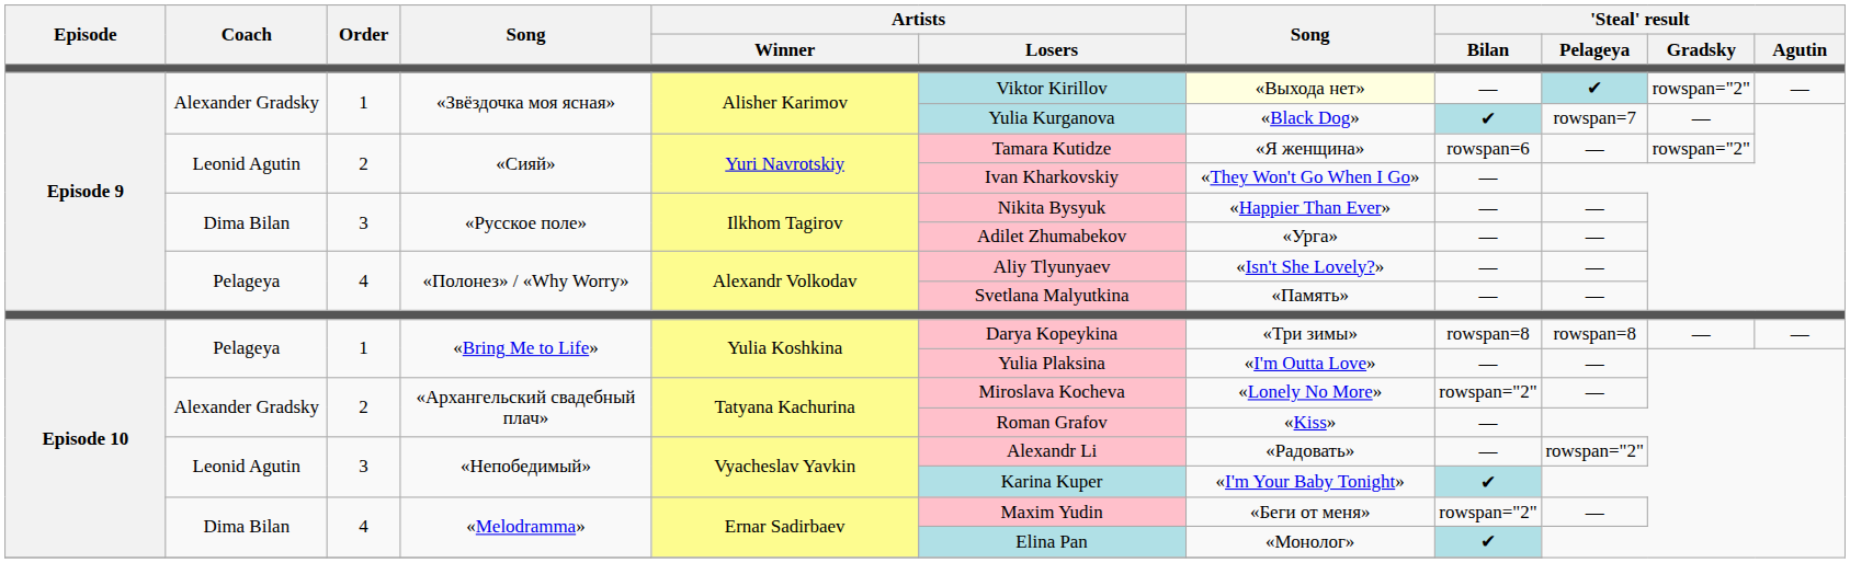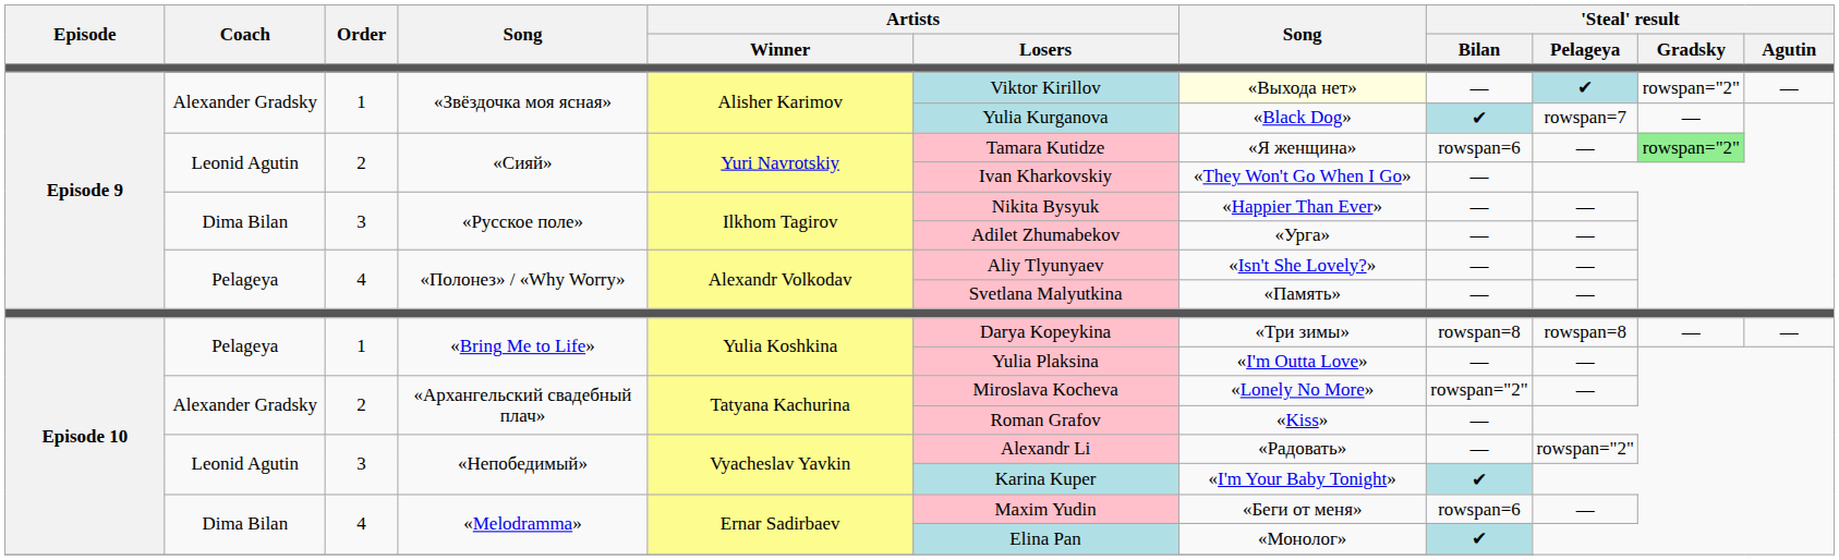 <table class="wikitable" style="text-align: center; width:100%;">
 <tr>
 <th rowspan=2 width="9%">Episode</th>
 <th rowspan=2 width="9%">Coach</th>
 <th rowspan=2 width="4%">Order</th>
 <th rowspan=2 width="14%">Song</th>
 <th colspan=2 width="30%">Artists</th>
 <th rowspan=2 width="14%">Song</th>
 <th colspan="4" style="width:20%;">'Steal' result</th>
 </tr>
 <tr>
 <th width="15%">Winner</th>
 <th width="15%">Losers</th>
 <th style="width:05%;">Bilan</th>
 <th style="width:05%;">Pelageya</th>
 <th style="width:05%;">Gradsky</th>
 <th style="width:05%;">Agutin</th>
 </tr>
 <tr>
 <td colspan="11" style="background:#555;"></td>
 </tr>
 <tr>
 <th rowspan=8>Episode 9<br><small></small></th>
 <td rowspan=2>Alexander Gradsky</td>
 <td rowspan=2>1</td>
 <td rowspan=2>«Звёздочка моя ясная»</td>
 <td rowspan=2 style="background:#fdfc8f;">Alisher Karimov</td>
 <td style="background:#b0e0e6;">Viktor Kirillov</td>
 <td style="background: lightyellow;">«Выхода нет»</td>
 <td>—</td>
 <td style="background:#b0e0e6;">✔</td>
 <td>rowspan="2" </td>
 <td>—</td>
 </tr>
 <tr>
 <td style="background:#b0e0e6;">Yulia Kurganova</td>
 <td>«<a href='#'>Black Dog</a>»</td>
 <td style="background:#b0e0e6;">✔</td>
 <td>rowspan=7 </td>
 <td>—</td>
 </tr>
 <tr>
 <td rowspan=2>Leonid Agutin</td>
 <td rowspan=2>2</td>
 <td rowspan=2>«Сияй»</td>
 <td rowspan=2 style="background:#fdfc8f;"><a href='#'>Yuri Navrotskiy</a></td>
 <td style="background:pink;">Tamara Kutidze</td>
 <td>«Я женщина»</td>
 <td>rowspan=6 </td>
 <td>—</td>
-<td>rowspan="2" </td>
+<td style="background: lightgreen;">rowspan="2" </td>
 </tr>
 <tr>
 <td style="background:pink;">Ivan Kharkovskiy</td>
 <td>«<a href='#'>They Won't Go When I Go</a>»</td>
 <td>—</td>
 </tr>
 <tr>
 <td rowspan=2>Dima Bilan</td>
 <td rowspan=2>3</td>
 <td rowspan=2>«Русское поле»</td>
 <td rowspan=2 style="background:#fdfc8f;">Ilkhom Tagirov</td>
 <td style="background:pink;">Nikita Bysyuk</td>
 <td>«<a href='#'>Happier Than Ever</a>»</td>
 <td>—</td>
 <td>—</td>
 </tr>
 <tr>
 <td style="background:pink;">Adilet Zhumabekov</td>
 <td>«Урга»</td>
 <td>—</td>
 <td>—</td>
 </tr>
 <tr>
 <td rowspan=2>Pelageya</td>
 <td rowspan=2>4</td>
 <td rowspan=2>«Полонез» / «Why Worry»</td>
 <td rowspan=2 style="background:#fdfc8f;">Alexandr Volkodav</td>
 <td style="background:pink;">Aliy Tlyunyaev</td>
 <td>«<a href='#'>Isn't She Lovely?</a>»</td>
 <td>—</td>
 <td>—</td>
 </tr>
 <tr>
 <td style="background:pink;">Svetlana Malyutkina</td>
 <td>«Память»</td>
 <td>—</td>
 <td>—</td>
 </tr>
 <tr>
 <td colspan="11" style="background:#555;"></td>
 </tr>
 <tr>
 <th rowspan=8>Episode 10<br><small></small></th>
 <td rowspan=2>Pelageya</td>
 <td rowspan=2>1</td>
 <td rowspan=2>«<a href='#'>Bring Me to Life</a>»</td>
 <td rowspan=2 style="background:#fdfc8f;">Yulia Koshkina</td>
 <td style="background:pink;">Darya Kopeykina</td>
 <td>«Три зимы»</td>
 <td>rowspan=8 </td>
 <td>rowspan=8 </td>
 <td>—</td>
 <td>—</td>
 </tr>
 <tr>
 <td style="background:pink;">Yulia Plaksina</td>
 <td>«<a href='#'>I'm Outta Love</a>»</td>
 <td>—</td>
 <td>—</td>
 </tr>
 <tr>
 <td rowspan=2>Alexander Gradsky</td>
 <td rowspan=2>2</td>
 <td rowspan=2>«Архангельский свадебный плач»</td>
 <td rowspan=2 style="background:#fdfc8f;">Tatyana Kachurina</td>
 <td style="background:pink;">Miroslava Kocheva</td>
 <td>«<a href='#'>Lonely No More</a>»</td>
 <td>rowspan="2" </td>
 <td>—</td>
 </tr>
 <tr>
 <td style="background:pink;">Roman Grafov</td>
 <td>«<a href='#'>Kiss</a>»</td>
 <td>—</td>
 </tr>
 <tr>
 <td rowspan=2>Leonid Agutin</td>
 <td rowspan=2>3</td>
 <td rowspan=2>«Непобедимый»</td>
 <td rowspan=2 style="background:#fdfc8f;">Vyacheslav Yavkin</td>
 <td style="background:pink;">Alexandr Li</td>
 <td>«Радовать»</td>
 <td>—</td>
 <td>rowspan="2" </td>
 </tr>
 <tr>
 <td style="background:#b0e0e6;">Karina Kuper</td>
 <td>«<a href='#'>I'm Your Baby Tonight</a>»</td>
 <td style="background:#b0e0e6;">✔</td>
 </tr>
 <tr>
 <td rowspan=2>Dima Bilan</td>
 <td rowspan=2>4</td>
 <td rowspan=2>«<a href='#'>Melodramma</a>»</td>
 <td rowspan=2 style="background:#fdfc8f;">Ernar Sadirbaev</td>
 <td style="background:pink;">Maxim Yudin</td>
 <td>«Беги от меня»</td>
-<td>rowspan="2" </td>
+<td>rowspan=6 </td>
 <td>—</td>
 </tr>
 <tr>
 <td style="background:#b0e0e6;">Elina Pan</td>
 <td>«Монолог»</td>
 <td style="background:#b0e0e6;">✔</td>
 </tr>
 <tr>
 </tr>
 </table>
